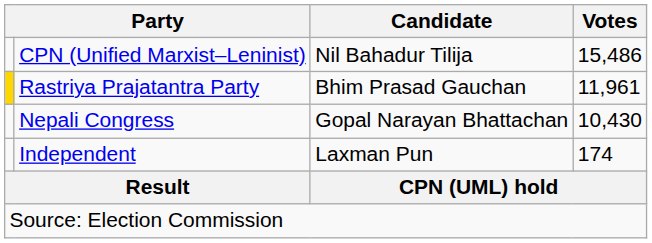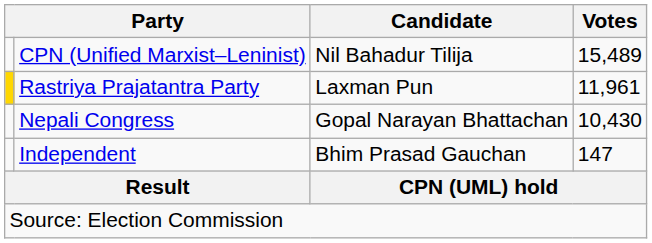 <table class="wikitable">
 <tr>
 <th colspan="2">Party</th>
 <th>Candidate</th>
 <th>Votes</th>
 </tr>
 <tr>
 <td style="background-color:"></td>
 <td><a href='#'>CPN (Unified Marxist–Leninist)</a></td>
 <td>Nil Bahadur Tilija</td>
-<td>15,486</td>
+<td>15,489</td>
 </tr>
 <tr>
 <td style="background-color:gold"></td>
 <td><a href='#'>Rastriya Prajatantra Party</a></td>
-<td>Bhim Prasad Gauchan</td>
+<td>Laxman Pun</td>
 <td>11,961</td>
 </tr>
 <tr>
 <td style="background-color:"></td>
 <td><a href='#'>Nepali Congress</a></td>
 <td>Gopal Narayan Bhattachan</td>
 <td>10,430</td>
 </tr>
 <tr>
 <td style="background-color:"></td>
 <td><a href='#'>Independent</a></td>
-<td>Laxman Pun</td>
-<td>174</td>
+<td>Bhim Prasad Gauchan</td>
+<td>147</td>
 </tr>
 <tr>
 <th colspan="2">Result</th>
 <th colspan="2">CPN (UML) hold</th>
 </tr>
 <tr>
 <td colspan="4">Source: Election Commission</td>
 </tr>
 </table>
